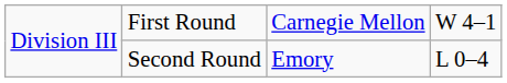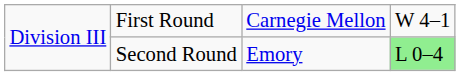 <table class="wikitable">
 <tr>
 <td rowspan="5"><a href='#'>Division III</a></td>
 <td>First Round</td>
 <td><a href='#'>Carnegie Mellon</a></td>
 <td>W 4–1</td>
 </tr>
 <tr>
 <td>Second Round</td>
 <td><a href='#'>Emory</a></td>
-<td>L 0–4</td>
+<td style="background: lightgreen;">L 0–4</td>
 </tr>
 </table>
